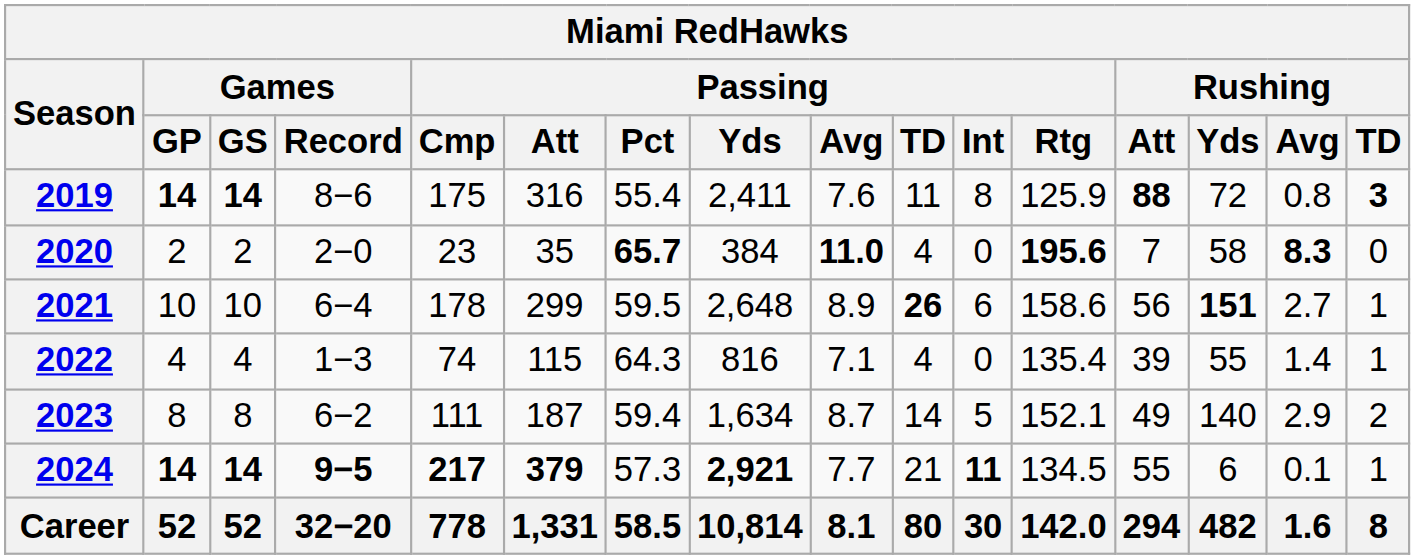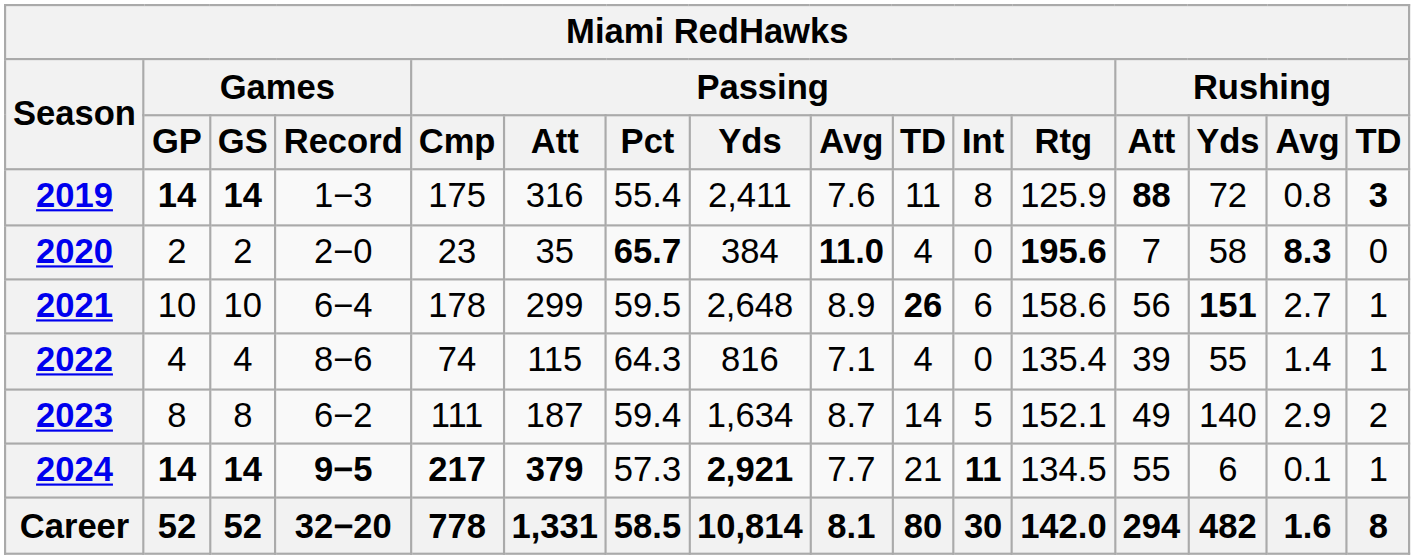 <table class="wikitable" style="text-align:center;">
 <tr>
 <th colspan="16">Miami RedHawks</th>
 </tr>
 <tr>
 <th rowspan="2">Season</th>
 <th colspan="3">Games</th>
 <th colspan="8">Passing</th>
 <th colspan="5">Rushing</th>
 </tr>
 <tr>
 <th>GP</th>
 <th>GS</th>
 <th>Record</th>
 <th>Cmp</th>
 <th>Att</th>
 <th>Pct</th>
 <th>Yds</th>
 <th>Avg</th>
 <th>TD</th>
 <th>Int</th>
 <th>Rtg</th>
 <th>Att</th>
 <th>Yds</th>
 <th>Avg</th>
 <th>TD</th>
 </tr>
 <tr>
 <th><a href='#'>2019</a></th>
 <td><strong>14</strong></td>
 <td><strong>14</strong></td>
-<td>8−6</td>
+<td>1−3</td>
 <td>175</td>
 <td>316</td>
 <td>55.4</td>
 <td>2,411</td>
 <td>7.6</td>
 <td>11</td>
 <td>8</td>
 <td>125.9</td>
 <td><strong>88</strong></td>
 <td>72</td>
 <td>0.8</td>
 <td><strong>3</strong></td>
 </tr>
 <tr>
 <th><a href='#'>2020</a></th>
 <td>2</td>
 <td>2</td>
 <td>2−0</td>
 <td>23</td>
 <td>35</td>
 <td><strong>65.7</strong></td>
 <td>384</td>
 <td><strong>11.0</strong></td>
 <td>4</td>
 <td>0</td>
 <td><strong>195.6</strong></td>
 <td>7</td>
 <td>58</td>
 <td><strong>8.3</strong></td>
 <td>0</td>
 </tr>
 <tr>
 <th><a href='#'>2021</a></th>
 <td>10</td>
 <td>10</td>
 <td>6−4</td>
 <td>178</td>
 <td>299</td>
 <td>59.5</td>
 <td>2,648</td>
 <td>8.9</td>
 <td><strong>26</strong></td>
 <td>6</td>
 <td>158.6</td>
 <td>56</td>
 <td><strong>151</strong></td>
 <td>2.7</td>
 <td>1</td>
 </tr>
 <tr>
 <th><a href='#'>2022</a></th>
 <td>4</td>
 <td>4</td>
-<td>1−3</td>
+<td>8−6</td>
 <td>74</td>
 <td>115</td>
 <td>64.3</td>
 <td>816</td>
 <td>7.1</td>
 <td>4</td>
 <td>0</td>
 <td>135.4</td>
 <td>39</td>
 <td>55</td>
 <td>1.4</td>
 <td>1</td>
 </tr>
 <tr>
 <th><a href='#'>2023</a></th>
 <td>8</td>
 <td>8</td>
 <td>6−2</td>
 <td>111</td>
 <td>187</td>
 <td>59.4</td>
 <td>1,634</td>
 <td>8.7</td>
 <td>14</td>
 <td>5</td>
 <td>152.1</td>
 <td>49</td>
 <td>140</td>
 <td>2.9</td>
 <td>2</td>
 </tr>
 <tr>
 <th><a href='#'>2024</a></th>
 <td><strong>14</strong></td>
 <td><strong>14</strong></td>
 <td><strong>9−5</strong></td>
 <td><strong>217</strong></td>
 <td><strong>379</strong></td>
 <td>57.3</td>
 <td><strong>2,921</strong></td>
 <td>7.7</td>
 <td>21</td>
 <td><strong>11</strong></td>
 <td>134.5</td>
 <td>55</td>
 <td>6</td>
 <td>0.1</td>
 <td>1</td>
 </tr>
 <tr>
 <th>Career</th>
 <th>52</th>
 <th>52</th>
 <th>32−20</th>
 <th>778</th>
 <th>1,331</th>
 <th>58.5</th>
 <th>10,814</th>
 <th>8.1</th>
 <th>80</th>
 <th>30</th>
 <th>142.0</th>
 <th>294</th>
 <th>482</th>
 <th>1.6</th>
 <th>8</th>
 </tr>
 </table>
